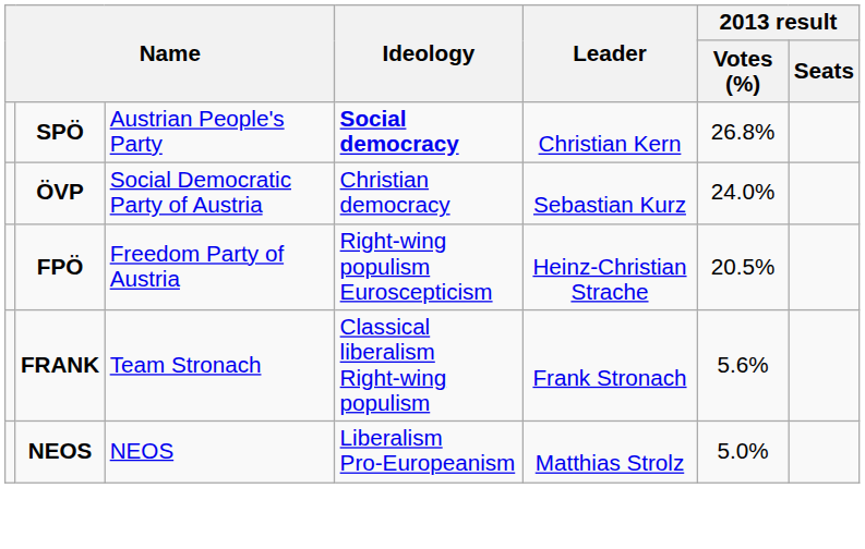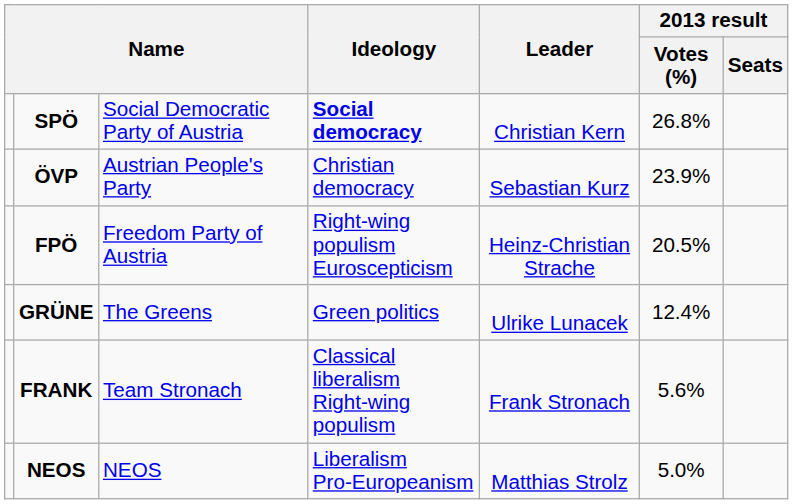 <table class="wikitable">
 <tr>
 <th rowspan="2" colspan="3">Name</th>
 <th rowspan="2">Ideology</th>
 <th rowspan="2">Leader</th>
 <th colspan="2">2013 result</th>
 </tr>
 <tr>
 <th>Votes (%)</th>
 <th>Seats</th>
 </tr>
 <tr>
 <td style="background:"></td>
 <td style="text-align:center;"><strong>SPÖ</strong></td>
-<td><a href='#'>Austrian People's Party</a><br></td>
+<td><a href='#'>Social Democratic Party of Austria</a><br></td>
 <td><strong><a href='#'>Social democracy</a></strong></td>
 <td align=center><br><a href='#'>Christian Kern</a></td>
 <td style="text-align:center;">26.8%</td>
 <td></td>
 </tr>
 <tr>
 <td style="background:"></td>
 <td style="text-align:center;"><strong>ÖVP</strong></td>
-<td><a href='#'>Social Democratic Party of Austria</a><br></td>
+<td><a href='#'>Austrian People's Party</a><br></td>
 <td><a href='#'>Christian democracy</a></td>
 <td align=center><br><a href='#'>Sebastian Kurz</a></td>
-<td style="text-align:center;">24.0%</td>
+<td style="text-align:center;">23.9%</td>
 <td></td>
 </tr>
 <tr>
 <td style="background:"></td>
 <td style="text-align:center;"><strong>FPÖ</strong></td>
 <td><a href='#'>Freedom Party of Austria</a><br></td>
 <td><a href='#'>Right-wing populism</a><br><a href='#'>Euroscepticism</a></td>
 <td align=center><br><a href='#'>Heinz-Christian Strache</a></td>
 <td style="text-align:center;">20.5%</td>
+<td></td>
+</tr>
+<tr>
+<td style="background:"></td>
+<td style="text-align:center;"><strong>GRÜNE</strong></td>
+<td><a href='#'>The Greens</a><br></td>
+<td><a href='#'>Green politics</a></td>
+<td align=center><br><a href='#'>Ulrike Lunacek</a></td>
+<td style="text-align:center;">12.4%</td>
 <td></td>
 </tr>
 <tr>
 <td style="background:"></td>
 <td style="text-align:center;"><strong>FRANK</strong></td>
 <td><a href='#'>Team Stronach</a><br></td>
 <td><a href='#'>Classical liberalism</a><br><a href='#'>Right-wing populism</a></td>
 <td align=center><br><a href='#'>Frank Stronach</a></td>
 <td style="text-align:center;">5.6%</td>
 <td></td>
 </tr>
 <tr>
 <td style="background:"></td>
 <td style="text-align:center;"><strong>NEOS</strong></td>
 <td><a href='#'>NEOS</a></td>
 <td><a href='#'>Liberalism</a><br><a href='#'>Pro-Europeanism</a></td>
 <td align=center><br><a href='#'>Matthias Strolz</a></td>
 <td style="text-align:center;">5.0%</td>
 <td></td>
 </tr>
 </table>
